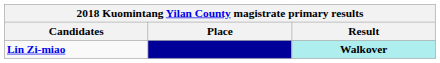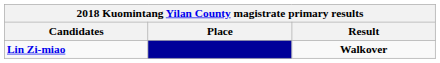 <table class="wikitable collapsible">
 <tr>
 <th colspan="6" width=600>2018 Kuomintang <a href='#'>Yilan County</a> magistrate primary results</th>
 </tr>
 <tr>
 <th width=80>Candidates</th>
 <th width=80>Place</th>
 <th width=80>Result</th>
 </tr>
 <tr>
 <td><strong><a href='#'>Lin Zi-miao</a></strong></td>
 <td style="background: #000099; text-align:center"><strong></strong></td>
-<td style="background: paleturquoise; text-align:center"><strong>Walkover</strong></td>
+<td style="text-align:center"><strong>Walkover</strong></td>
 </tr>
 </table>
